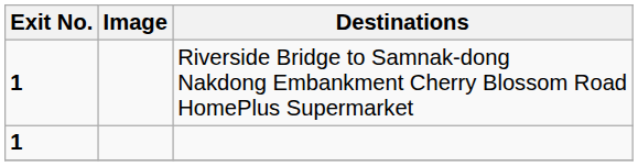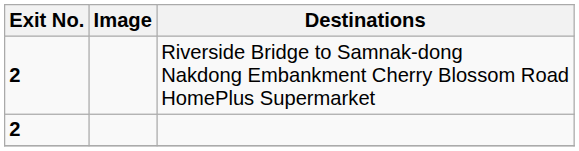 <table class="wikitable">
 <tr>
 <th>Exit No.</th>
 <th>Image</th>
 <th>Destinations</th>
 </tr>
 <tr>
-<td style="background:#"><strong>1</strong></td>
+<td style="background:#"><strong>2</strong></td>
 <td></td>
 <td>Riverside Bridge to Samnak-dong <br>Nakdong Embankment Cherry Blossom Road<br>HomePlus Supermarket</td>
 </tr>
 <tr>
-<td style="background:#"><strong>1</strong></td>
+<td style="background:#"><strong>2</strong></td>
 <td></td>
 <td></td>
 </tr>
 <tr>
 </tr>
 </table>
